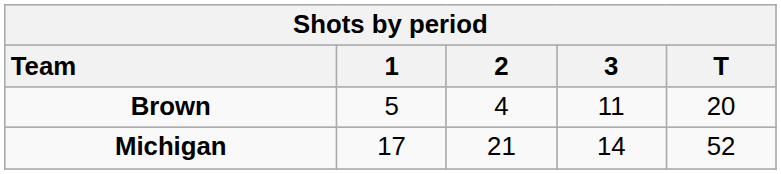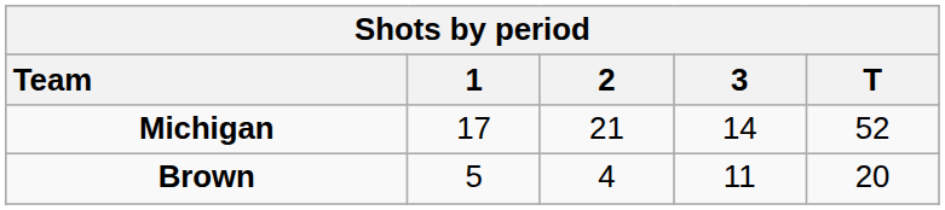 <table class="wikitable" style="width:30em; text-align:right;">
 <tr>
 <th colspan=5>Shots by period</th>
 </tr>
 <tr>
 <th style="width:10em; text-align:left;">Team</th>
 <th style="width:3em;">1</th>
 <th style="width:3em;">2</th>
 <th style="width:3em;">3</th>
 <th style="width:3em;">T</th>
 </tr>
 <tr>
+<td align=center><strong>Michigan</strong></td>
+<td align=center>17</td>
+<td align=center>21</td>
+<td align=center>14</td>
+<td align=center>52</td>
+</tr>
+<tr>
 <td align=center><strong>Brown</strong></td>
 <td align=center>5</td>
 <td align=center>4</td>
 <td align=center>11</td>
 <td align=center>20</td>
 </tr>
-<tr>
-<td align=center><strong>Michigan</strong></td>
-<td align=center>17</td>
-<td align=center>21</td>
-<td align=center>14</td>
-<td align=center>52</td>
-</tr>
 </table>
